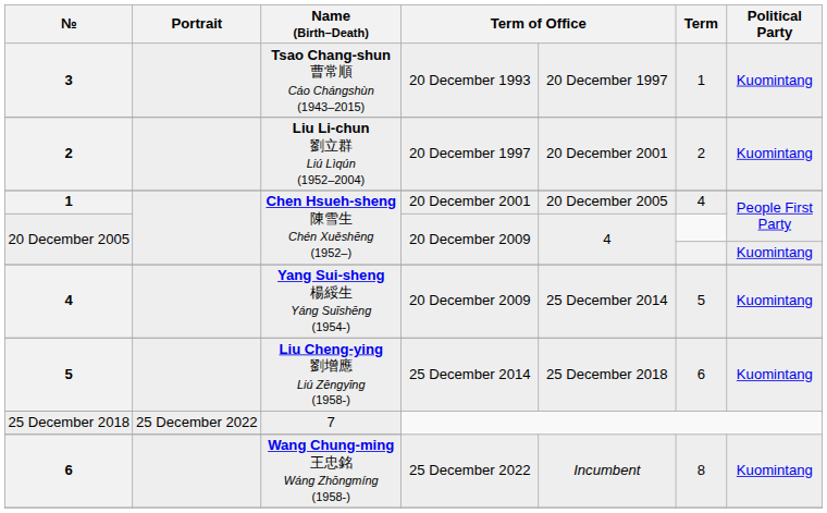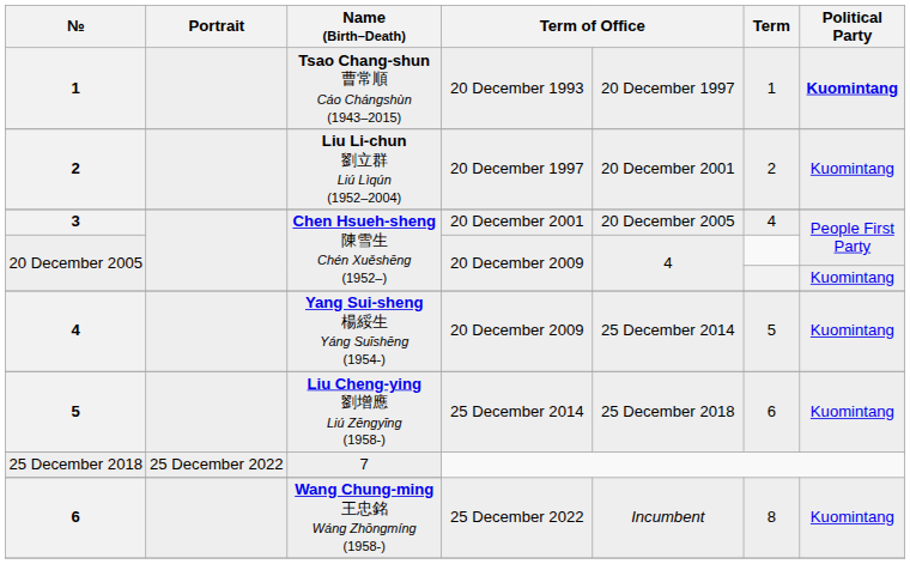 <table class="wikitable" style="text-align:center">
 <tr ->
 <th>№</th>
 <th>Portrait</th>
 <th width="150">Name<br><small>(Birth–Death)</small></th>
 <th colspan=2 width="300">Term of Office</th>
 <th width = "50">Term</th>
 <th width="100">Political Party</th>
 </tr>
 <tr - bgcolor=#EEEEEE>
-<th style="background:">3</th>
+<th style="background:">1</th>
 <td></td>
 <td align=center><strong>Tsao Chang-shun</strong><br><span>曹常順</span><br><small><em>Cáo Chángshùn</em><br>(1943–2015)</small></td>
 <td>20 December 1993</td>
 <td>20 December 1997</td>
 <td>1</td>
-<td><a href='#'>Kuomintang</a></td>
+<td><strong><a href='#'>Kuomintang</a></strong></td>
 </tr>
 <tr ->
 </tr>
 <tr - bgcolor=#EEEEEE>
 <th style="background:">2</th>
 <td></td>
 <td align=center><strong>Liu Li-chun</strong><br><span>劉立群</span><br><small><em>Liú Lìqún</em><br>(1952–2004)</small></td>
 <td>20 December 1997</td>
 <td>20 December 2001</td>
 <td>2</td>
 <td><a href='#'>Kuomintang</a></td>
 </tr>
 <tr ->
 </tr>
 <tr - bgcolor=#EEEEEE>
-<th style="background:">1</th>
+<th style="background:">3</th>
 <td rowspan=3></td>
 <td rowspan=3 align=center><strong><a href='#'>Chen Hsueh-sheng</a></strong><br><span>陳雪生</span><br><small><em>Chén Xuěshēng</em><br>(1952–)</small></td>
 <td>20 December 2001</td>
 <td>20 December 2005</td>
 <td>4</td>
 <td rowspan=2><a href='#'>People First Party</a></td>
 </tr>
 <tr - bgcolor=#EEEEEE>
 <td rowspan=2>20 December 2005</td>
 <td rowspan=2>20 December 2009</td>
 <td rowspan=2>4</td>
 </tr>
 <tr - bgcolor=#EEEEEE>
 <th style="background:"></th>
 <td><a href='#'>Kuomintang</a></td>
 </tr>
 <tr ->
 </tr>
 <tr - bgcolor=#EEEEEE>
 <th style="background:">4</th>
 <td></td>
 <td align=center><strong><a href='#'>Yang Sui-sheng</a></strong><br><span>楊綏生</span><br><small><em>Yáng Suīshēng</em><br>(1954-)</small></td>
 <td>20 December 2009</td>
 <td>25 December 2014 </td>
 <td>5</td>
 <td><a href='#'>Kuomintang</a></td>
 </tr>
 <tr ->
 </tr>
 <tr - bgcolor=#EEEEEE>
 <th style="background:">5</th>
 <td rowspan=2></td>
 <td align=center rowspan=2><strong><a href='#'>Liu Cheng-ying</a></strong><br><span>劉增應</span><br><small><em>Liú Zēngyīng</em><br>(1958-)</small></td>
 <td>25 December 2014</td>
 <td>25 December 2018</td>
 <td>6</td>
 <td rowspan=2><a href='#'>Kuomintang</a></td>
 </tr>
 <tr ->
 </tr>
 <tr - bgcolor=#EEEEEE>
 <td>25 December 2018</td>
 <td>25 December 2022</td>
 <td>7</td>
 </tr>
 <tr ->
 </tr>
 <tr - bgcolor=#EEEEEE>
 <th style="background:">6</th>
 <td></td>
 <td align=center><strong><a href='#'>Wang Chung-ming</a></strong><br><span>王忠銘</span><br><small><em>Wáng Zhōngmíng</em><br>(1958-)</small></td>
 <td>25 December 2022</td>
 <td><em>Incumbent</em></td>
 <td>8</td>
 <td><a href='#'>Kuomintang</a></td>
 </tr>
 <tr ->
 </tr>
 </table>
